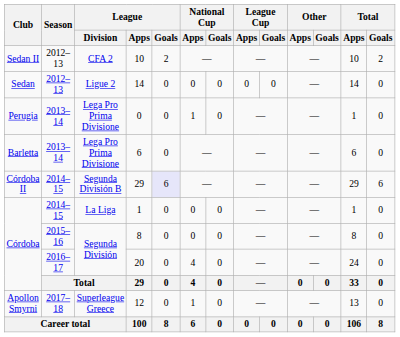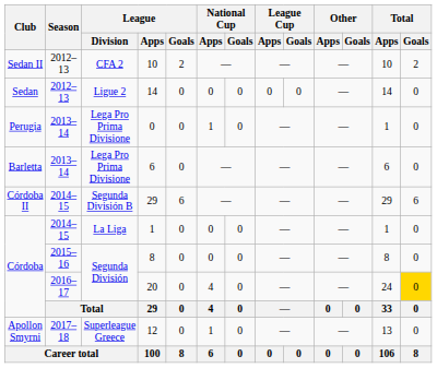 <table class="wikitable" style="text-align:center">
 <tr>
 <th rowspan="2">Club</th>
 <th rowspan="2">Season</th>
 <th colspan="3">League</th>
 <th colspan="2">National Cup</th>
 <th colspan="2">League Cup</th>
 <th colspan="2">Other</th>
 <th colspan="2">Total</th>
 </tr>
 <tr>
 <th>Division</th>
 <th>Apps</th>
 <th>Goals</th>
 <th>Apps</th>
 <th>Goals</th>
 <th>Apps</th>
 <th>Goals</th>
 <th>Apps</th>
 <th>Goals</th>
 <th>Apps</th>
 <th>Goals</th>
 </tr>
 <tr>
 <td><a href='#'>Sedan II</a></td>
 <td>2012–13</td>
 <td><a href='#'>CFA 2</a></td>
 <td>10</td>
 <td>2</td>
 <td colspan="2">—</td>
 <td colspan="2">—</td>
 <td colspan="2">—</td>
 <td>10</td>
 <td>2</td>
 </tr>
 <tr>
 <td><a href='#'>Sedan</a></td>
 <td><a href='#'>2012–13</a></td>
 <td><a href='#'>Ligue 2</a></td>
 <td>14</td>
 <td>0</td>
 <td>0</td>
 <td>0</td>
 <td>0</td>
 <td>0</td>
 <td colspan="2">—</td>
 <td>14</td>
 <td>0</td>
 </tr>
 <tr>
 <td><a href='#'>Perugia</a></td>
 <td><a href='#'>2013–14</a></td>
 <td><a href='#'>Lega Pro Prima Divisione</a></td>
 <td>0</td>
 <td>0</td>
 <td>1</td>
 <td>0</td>
 <td colspan="2">—</td>
 <td colspan="2">—</td>
 <td>1</td>
 <td>0</td>
 </tr>
 <tr>
 <td><a href='#'>Barletta</a></td>
 <td><a href='#'>2013–14</a></td>
 <td><a href='#'>Lega Pro Prima Divisione</a></td>
 <td>6</td>
 <td>0</td>
 <td colspan="2">—</td>
 <td colspan="2">—</td>
 <td colspan="2">—</td>
 <td>6</td>
 <td>0</td>
 </tr>
 <tr>
 <td><a href='#'>Córdoba II</a></td>
 <td><a href='#'>2014–15</a></td>
 <td><a href='#'>Segunda División B</a></td>
 <td>29</td>
-<td style="background: lavender;">6</td>
+<td>6</td>
 <td colspan="2">—</td>
 <td colspan="2">—</td>
 <td colspan="2">—</td>
 <td>29</td>
 <td>6</td>
 </tr>
 <tr>
 <td rowspan="4"><a href='#'>Córdoba</a></td>
 <td><a href='#'>2014–15</a></td>
 <td><a href='#'>La Liga</a></td>
 <td>1</td>
 <td>0</td>
 <td>0</td>
 <td>0</td>
 <td colspan="2">—</td>
 <td colspan="2">—</td>
 <td>1</td>
 <td>0</td>
 </tr>
 <tr>
 <td><a href='#'>2015–16</a></td>
 <td rowspan="2"><a href='#'>Segunda División</a></td>
 <td>8</td>
 <td>0</td>
 <td>0</td>
 <td>0</td>
 <td colspan="2">—</td>
 <td colspan="2">—</td>
 <td>8</td>
 <td>0</td>
 </tr>
 <tr>
 <td><a href='#'>2016–17</a></td>
 <td>20</td>
 <td>0</td>
 <td>4</td>
 <td>0</td>
 <td colspan="2">—</td>
 <td colspan="2">—</td>
 <td>24</td>
-<td>0</td>
+<td style="background: gold;">0</td>
 </tr>
 <tr>
 <th colspan="2">Total</th>
 <th>29</th>
 <th>0</th>
 <th>4</th>
 <th>0</th>
 <th colspan="2">—</th>
 <th>0</th>
 <th>0</th>
 <th>33</th>
 <th>0</th>
 </tr>
 <tr>
 <td><a href='#'>Apollon Smyrni</a></td>
 <td><a href='#'>2017–18</a></td>
 <td><a href='#'>Superleague Greece</a></td>
 <td>12</td>
 <td>0</td>
 <td>1</td>
 <td>0</td>
 <td colspan="2">—</td>
 <td colspan="2">—</td>
 <td>13</td>
 <td>0</td>
 </tr>
 <tr>
 <th colspan="3">Career total</th>
 <th>100</th>
 <th>8</th>
 <th>6</th>
 <th>0</th>
 <th>0</th>
 <th>0</th>
 <th>0</th>
 <th>0</th>
 <th>106</th>
 <th>8</th>
 </tr>
 </table>
